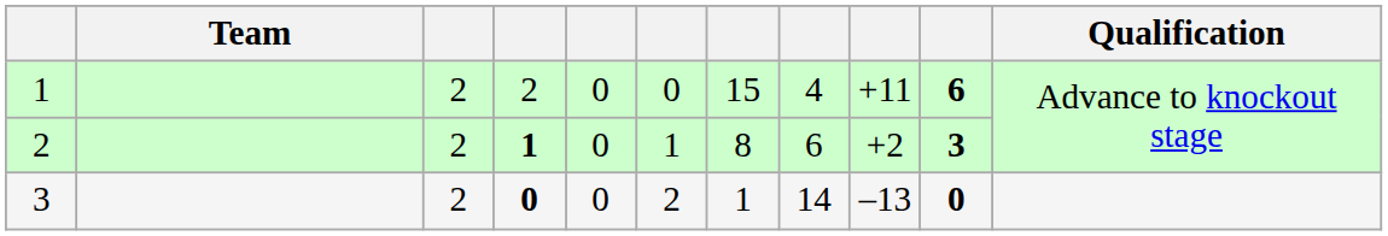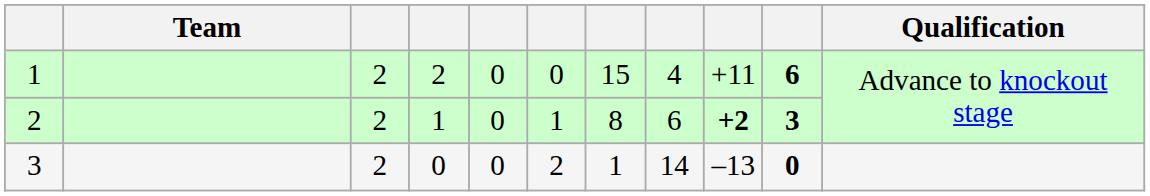 <table class="wikitable" style="text-align: center;">
 <tr>
 <th width="25"></th>
 <th width="150">Team</th>
 <th width="25"></th>
 <th width="25"></th>
 <th width="25"></th>
 <th width="25"></th>
 <th width="25"></th>
 <th width="25"></th>
 <th width="25"></th>
 <th width="25"></th>
 <th width="170">Qualification</th>
 </tr>
 <tr align=center style="background:#ccffcc;">
 <td>1</td>
 <td style="text-align:left;"></td>
 <td>2</td>
 <td>2</td>
 <td>0</td>
 <td>0</td>
 <td>15</td>
 <td>4</td>
 <td>+11</td>
 <td><strong>6</strong></td>
 <td rowspan="2">Advance to <a href='#'>knockout stage</a></td>
 </tr>
 <tr align=center style="background:#ccffcc;">
 <td>2</td>
 <td style="text-align:left;"></td>
 <td>2</td>
-<td><strong>1</strong></td>
+<td>1</td>
 <td>0</td>
 <td>1</td>
 <td>8</td>
 <td>6</td>
-<td>+2</td>
+<td><strong>+2</strong></td>
 <td><strong>3</strong></td>
 </tr>
 <tr align=center style="background:#f5f5f5;">
 <td>3</td>
 <td style="text-align:left;"></td>
 <td>2</td>
-<td><strong>0</strong></td>
+<td>0</td>
 <td>0</td>
 <td>2</td>
 <td>1</td>
 <td>14</td>
 <td>–13</td>
 <td><strong>0</strong></td>
 <td></td>
 </tr>
 </table>
